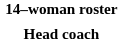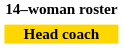 <table style="text-align:center; margin-top:2em; margin-left:auto; margin-right:auto">
 <tr>
 <td><strong>14–woman roster</strong></td>
 </tr>
 <tr>
 <td></td>
 </tr>
 <tr>
-<td><strong>Head coach</strong></td>
+<td style="background: gold;"><strong>Head coach</strong></td>
 </tr>
 <tr>
 <td></td>
 </tr>
 </table>
